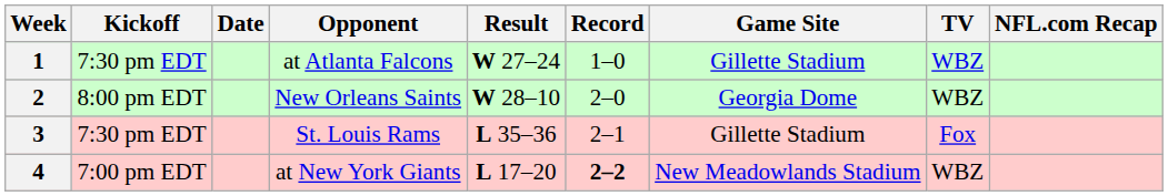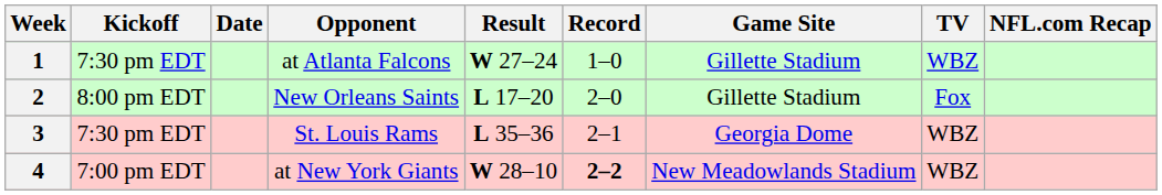 <table class="wikitable" style="text-align: center; margin-left: auto; margin-right: auto;">
 <tr>
 <th>Week</th>
 <th>Kickoff</th>
 <th>Date</th>
 <th>Opponent</th>
 <th>Result</th>
 <th>Record</th>
 <th>Game Site</th>
 <th>TV</th>
 <th>NFL.com Recap</th>
 </tr>
 <tr style="background: #cfc">
 <th>1</th>
 <td>7:30 pm <a href='#'>EDT</a></td>
 <td></td>
 <td>at <a href='#'>Atlanta Falcons</a></td>
 <td><strong>W</strong> 27–24</td>
 <td align="center">1–0</td>
 <td><a href='#'>Gillette Stadium</a></td>
 <td><a href='#'>WBZ</a></td>
 <td></td>
 </tr>
 <tr style="background: #cfc">
 <th>2</th>
 <td>8:00 pm EDT</td>
 <td></td>
 <td><a href='#'>New Orleans Saints</a></td>
-<td><strong>W</strong> 28–10</td>
+<td><strong>L</strong> 17–20</td>
 <td align="center">2–0</td>
-<td><a href='#'>Georgia Dome</a></td>
-<td>WBZ</td>
+<td>Gillette Stadium</td>
+<td><a href='#'>Fox</a></td>
 <td></td>
 </tr>
 <tr style="background: #fcc">
 <th>3</th>
 <td>7:30 pm EDT</td>
 <td></td>
 <td><a href='#'>St. Louis Rams</a></td>
 <td><strong>L</strong> 35–36</td>
 <td align="center">2–1</td>
-<td>Gillette Stadium</td>
-<td><a href='#'>Fox</a></td>
+<td><a href='#'>Georgia Dome</a></td>
+<td>WBZ</td>
 <td></td>
 </tr>
 <tr style="background: #fcc">
 <th>4</th>
 <td>7:00 pm EDT</td>
 <td></td>
 <td>at <a href='#'>New York Giants</a></td>
-<td><strong>L</strong> 17–20</td>
+<td><strong>W</strong> 28–10</td>
 <td align="center"><strong>2–2</strong></td>
 <td><a href='#'>New Meadowlands Stadium</a></td>
 <td>WBZ</td>
 <td></td>
 </tr>
 </table>
